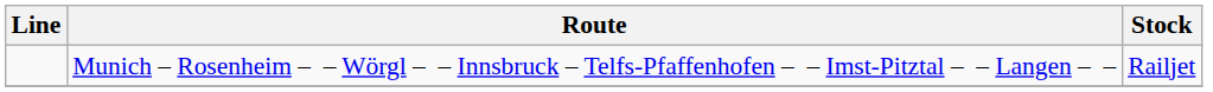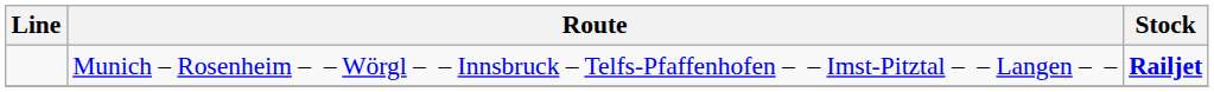 <table class="wikitable">
 <tr>
 <th>Line</th>
 <th>Route</th>
 <th>Stock</th>
 </tr>
 <tr>
 <td></td>
 <td><a href='#'>Munich</a> –  <a href='#'>Rosenheim</a> –  – <a href='#'>Wörgl</a> –  – <a href='#'>Innsbruck</a> – <a href='#'>Telfs-Pfaffenhofen</a> –  – <a href='#'>Imst-Pitztal</a> –  –  <a href='#'>Langen</a> –  – </td>
-<td><a href='#'>Railjet</a></td>
+<td><strong><a href='#'>Railjet</a></strong></td>
 </tr>
 <tr>
 </tr>
 </table>
